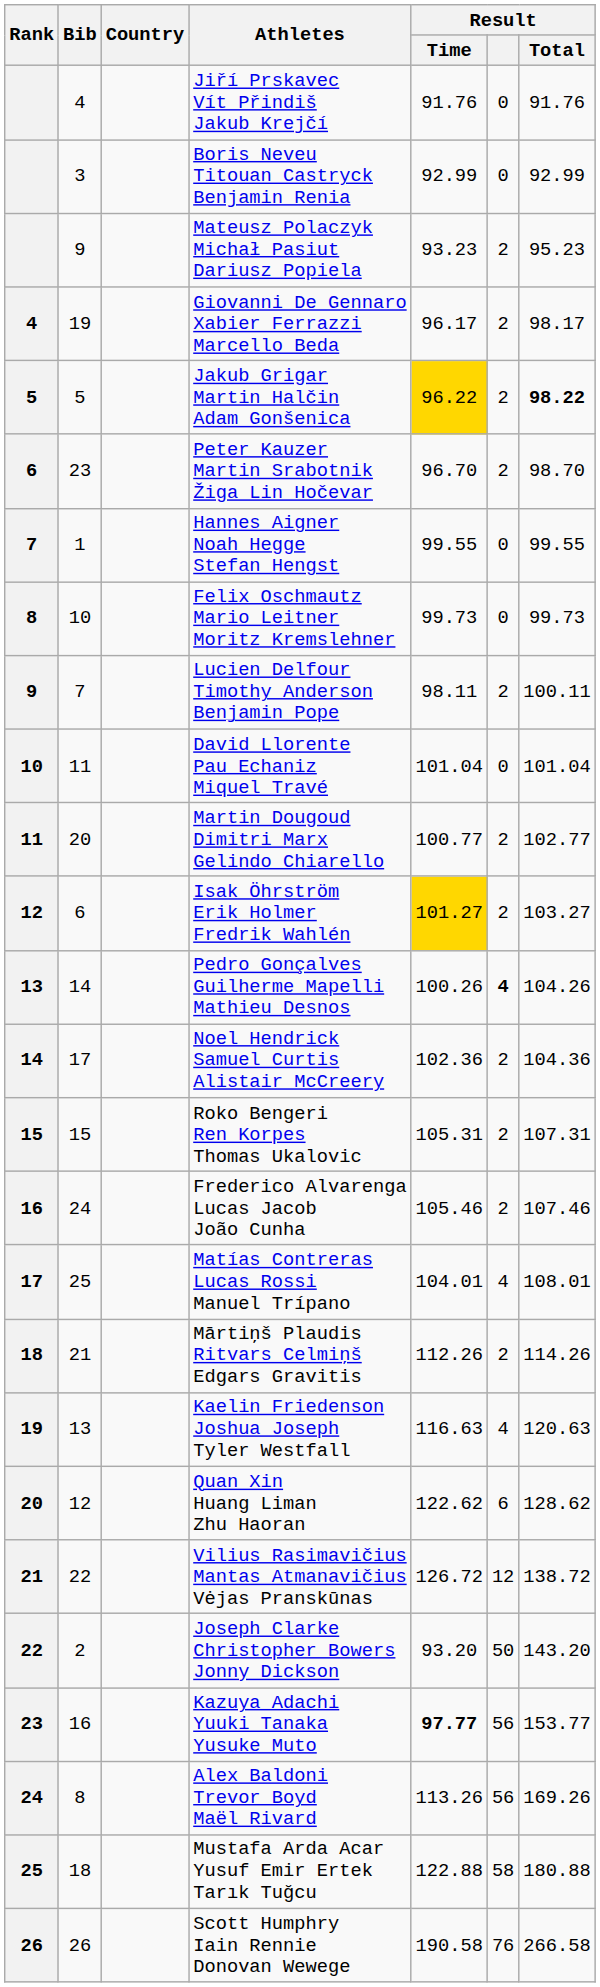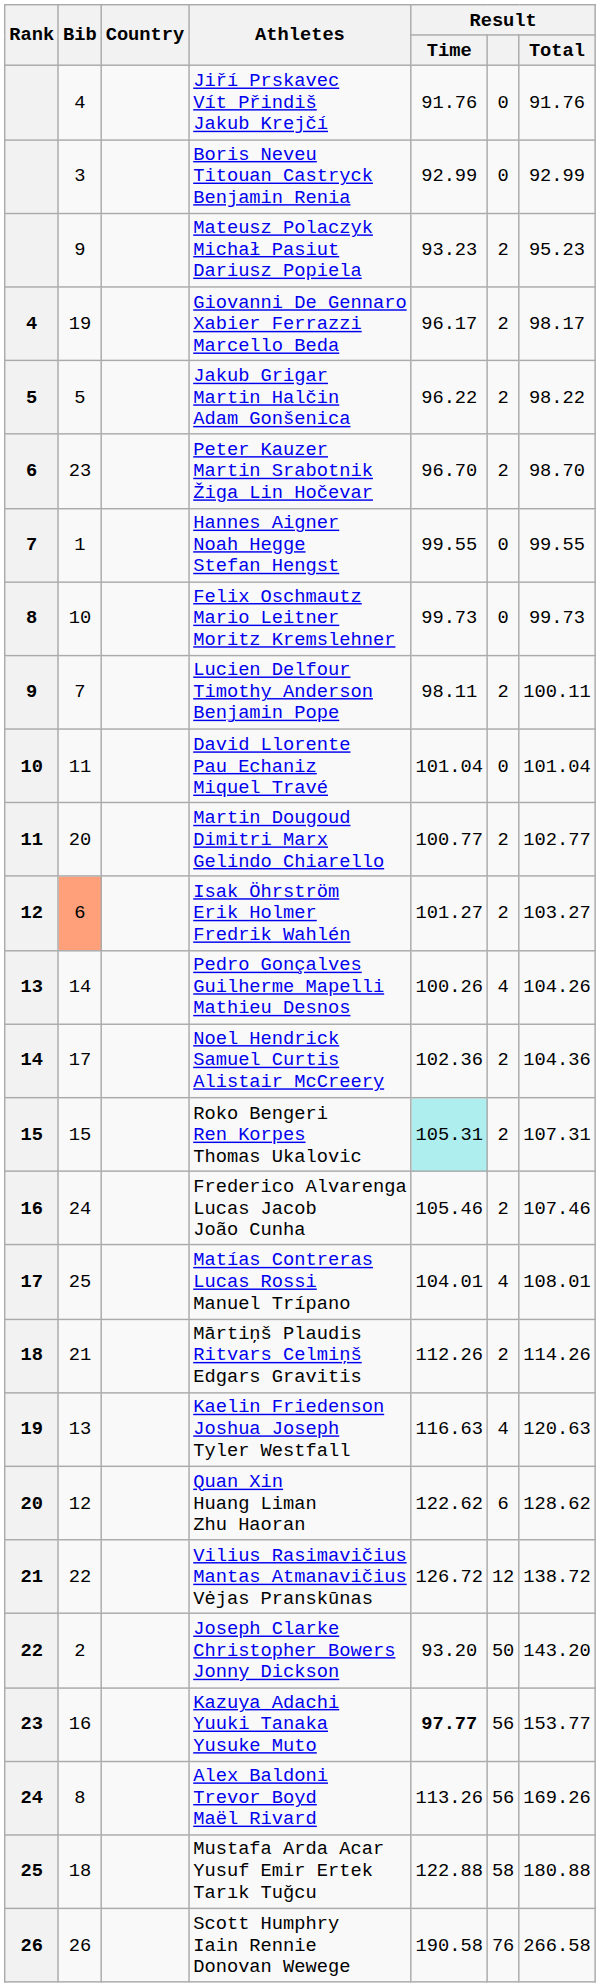 <table class="wikitable" style="text-align:center">
 <tr>
 <th rowspan=2>Rank</th>
 <th rowspan=2>Bib</th>
 <th rowspan=2>Country</th>
 <th rowspan=2>Athletes</th>
 <th colspan=3>Result</th>
 </tr>
 <tr>
 <th>Time</th>
 <th></th>
 <th>Total</th>
 </tr>
 <tr>
 <th></th>
 <td>4</td>
 <td align=left></td>
 <td align=left><a href='#'>Jiří Prskavec</a><br><a href='#'>Vít Přindiš</a><br><a href='#'>Jakub Krejčí</a></td>
 <td>91.76</td>
 <td>0</td>
 <td>91.76</td>
 </tr>
 <tr>
 <th></th>
 <td>3</td>
 <td align=left></td>
 <td align=left><a href='#'>Boris Neveu</a><br><a href='#'>Titouan Castryck</a><br><a href='#'>Benjamin Renia</a></td>
 <td>92.99</td>
 <td>0</td>
 <td>92.99</td>
 </tr>
 <tr>
 <th></th>
 <td>9</td>
 <td align=left></td>
 <td align=left><a href='#'>Mateusz Polaczyk</a><br><a href='#'>Michał Pasiut</a><br><a href='#'>Dariusz Popiela</a></td>
 <td>93.23</td>
 <td>2</td>
 <td>95.23</td>
 </tr>
 <tr>
 <th>4</th>
 <td>19</td>
 <td align=left></td>
 <td align=left><a href='#'>Giovanni De Gennaro</a><br><a href='#'>Xabier Ferrazzi</a><br><a href='#'>Marcello Beda</a></td>
 <td>96.17</td>
 <td>2</td>
 <td>98.17</td>
 </tr>
 <tr>
 <th>5</th>
 <td>5</td>
 <td align=left></td>
 <td align=left><a href='#'>Jakub Grigar</a><br><a href='#'>Martin Halčin</a><br><a href='#'>Adam Gonšenica</a></td>
-<td style="background: gold;">96.22</td>
+<td>96.22</td>
 <td>2</td>
-<td><strong>98.22</strong></td>
+<td>98.22</td>
 </tr>
 <tr>
 <th>6</th>
 <td>23</td>
 <td align=left></td>
 <td align=left><a href='#'>Peter Kauzer</a><br><a href='#'>Martin Srabotnik</a><br><a href='#'>Žiga Lin Hočevar</a></td>
 <td>96.70</td>
 <td>2</td>
 <td>98.70</td>
 </tr>
 <tr>
 <th>7</th>
 <td>1</td>
 <td align=left></td>
 <td align=left><a href='#'>Hannes Aigner</a><br><a href='#'>Noah Hegge</a><br><a href='#'>Stefan Hengst</a></td>
 <td>99.55</td>
 <td>0</td>
 <td>99.55</td>
 </tr>
 <tr>
 <th>8</th>
 <td>10</td>
 <td align=left></td>
 <td align=left><a href='#'>Felix Oschmautz</a><br><a href='#'>Mario Leitner</a><br><a href='#'>Moritz Kremslehner</a></td>
 <td>99.73</td>
 <td>0</td>
 <td>99.73</td>
 </tr>
 <tr>
 <th>9</th>
 <td>7</td>
 <td align=left></td>
 <td align=left><a href='#'>Lucien Delfour</a><br><a href='#'>Timothy Anderson</a><br><a href='#'>Benjamin Pope</a></td>
 <td>98.11</td>
 <td>2</td>
 <td>100.11</td>
 </tr>
 <tr>
 <th>10</th>
 <td>11</td>
 <td align=left></td>
 <td align=left><a href='#'>David Llorente</a><br><a href='#'>Pau Echaniz</a><br><a href='#'>Miquel Travé</a></td>
 <td>101.04</td>
 <td>0</td>
 <td>101.04</td>
 </tr>
 <tr>
 <th>11</th>
 <td>20</td>
 <td align=left></td>
 <td align=left><a href='#'>Martin Dougoud</a><br><a href='#'>Dimitri Marx</a><br><a href='#'>Gelindo Chiarello</a></td>
 <td>100.77</td>
 <td>2</td>
 <td>102.77</td>
 </tr>
 <tr>
 <th>12</th>
-<td>6</td>
+<td style="background: lightsalmon;">6</td>
 <td align=left></td>
 <td align=left><a href='#'>Isak Öhrström</a><br><a href='#'>Erik Holmer</a><br><a href='#'>Fredrik Wahlén</a></td>
-<td style="background: gold;">101.27</td>
+<td>101.27</td>
 <td>2</td>
 <td>103.27</td>
 </tr>
 <tr>
 <th>13</th>
 <td>14</td>
 <td align=left></td>
 <td align=left><a href='#'>Pedro Gonçalves</a><br><a href='#'>Guilherme Mapelli</a><br><a href='#'>Mathieu Desnos</a></td>
 <td>100.26</td>
-<td><strong>4</strong></td>
+<td>4</td>
 <td>104.26</td>
 </tr>
 <tr>
 <th>14</th>
 <td>17</td>
 <td align=left></td>
 <td align=left><a href='#'>Noel Hendrick</a><br><a href='#'>Samuel Curtis</a><br><a href='#'>Alistair McCreery</a></td>
 <td>102.36</td>
 <td>2</td>
 <td>104.36</td>
 </tr>
 <tr>
 <th>15</th>
 <td>15</td>
 <td align=left></td>
 <td align=left>Roko Bengeri<br><a href='#'>Ren Korpes</a><br>Thomas Ukalovic</td>
-<td>105.31</td>
+<td style="background: paleturquoise;">105.31</td>
 <td>2</td>
 <td>107.31</td>
 </tr>
 <tr>
 <th>16</th>
 <td>24</td>
 <td align=left></td>
 <td align=left>Frederico Alvarenga<br>Lucas Jacob<br>João Cunha</td>
 <td>105.46</td>
 <td>2</td>
 <td>107.46</td>
 </tr>
 <tr>
 <th>17</th>
 <td>25</td>
 <td align=left></td>
 <td align=left><a href='#'>Matías Contreras</a><br><a href='#'>Lucas Rossi</a><br>Manuel Trípano</td>
 <td>104.01</td>
 <td>4</td>
 <td>108.01</td>
 </tr>
 <tr>
 <th>18</th>
 <td>21</td>
 <td align=left></td>
 <td align=left>Mārtiņš Plaudis<br><a href='#'>Ritvars Celmiņš</a><br>Edgars Gravitis</td>
 <td>112.26</td>
 <td>2</td>
 <td>114.26</td>
 </tr>
 <tr>
 <th>19</th>
 <td>13</td>
 <td align=left></td>
 <td align=left><a href='#'>Kaelin Friedenson</a><br><a href='#'>Joshua Joseph</a><br>Tyler Westfall</td>
 <td>116.63</td>
 <td>4</td>
 <td>120.63</td>
 </tr>
 <tr>
 <th>20</th>
 <td>12</td>
 <td align=left></td>
 <td align=left><a href='#'>Quan Xin</a><br>Huang Liman<br>Zhu Haoran</td>
 <td>122.62</td>
 <td>6</td>
 <td>128.62</td>
 </tr>
 <tr>
 <th>21</th>
 <td>22</td>
 <td align=left></td>
 <td align=left><a href='#'>Vilius Rasimavičius</a><br><a href='#'>Mantas Atmanavičius</a><br>Vėjas Pranskūnas</td>
 <td>126.72</td>
 <td>12</td>
 <td>138.72</td>
 </tr>
 <tr>
 <th>22</th>
 <td>2</td>
 <td align=left></td>
 <td align=left><a href='#'>Joseph Clarke</a><br><a href='#'>Christopher Bowers</a><br><a href='#'>Jonny Dickson</a></td>
 <td>93.20</td>
 <td>50</td>
 <td>143.20</td>
 </tr>
 <tr>
 <th>23</th>
 <td>16</td>
 <td align=left></td>
 <td align=left><a href='#'>Kazuya Adachi</a><br><a href='#'>Yuuki Tanaka</a><br><a href='#'>Yusuke Muto</a></td>
 <td><strong>97.77</strong></td>
 <td>56</td>
 <td>153.77</td>
 </tr>
 <tr>
 <th>24</th>
 <td>8</td>
 <td align=left></td>
 <td align=left><a href='#'>Alex Baldoni</a><br><a href='#'>Trevor Boyd</a><br><a href='#'>Maël Rivard</a></td>
 <td>113.26</td>
 <td>56</td>
 <td>169.26</td>
 </tr>
 <tr>
 <th>25</th>
 <td>18</td>
 <td align=left></td>
 <td align=left>Mustafa Arda Acar<br>Yusuf Emir Ertek<br>Tarık Tuğcu</td>
 <td>122.88</td>
 <td>58</td>
 <td>180.88</td>
 </tr>
 <tr>
 <th>26</th>
 <td>26</td>
 <td align=left></td>
 <td align=left>Scott Humphry<br>Iain Rennie<br>Donovan Wewege</td>
 <td>190.58</td>
 <td>76</td>
 <td>266.58</td>
 </tr>
 </table>
